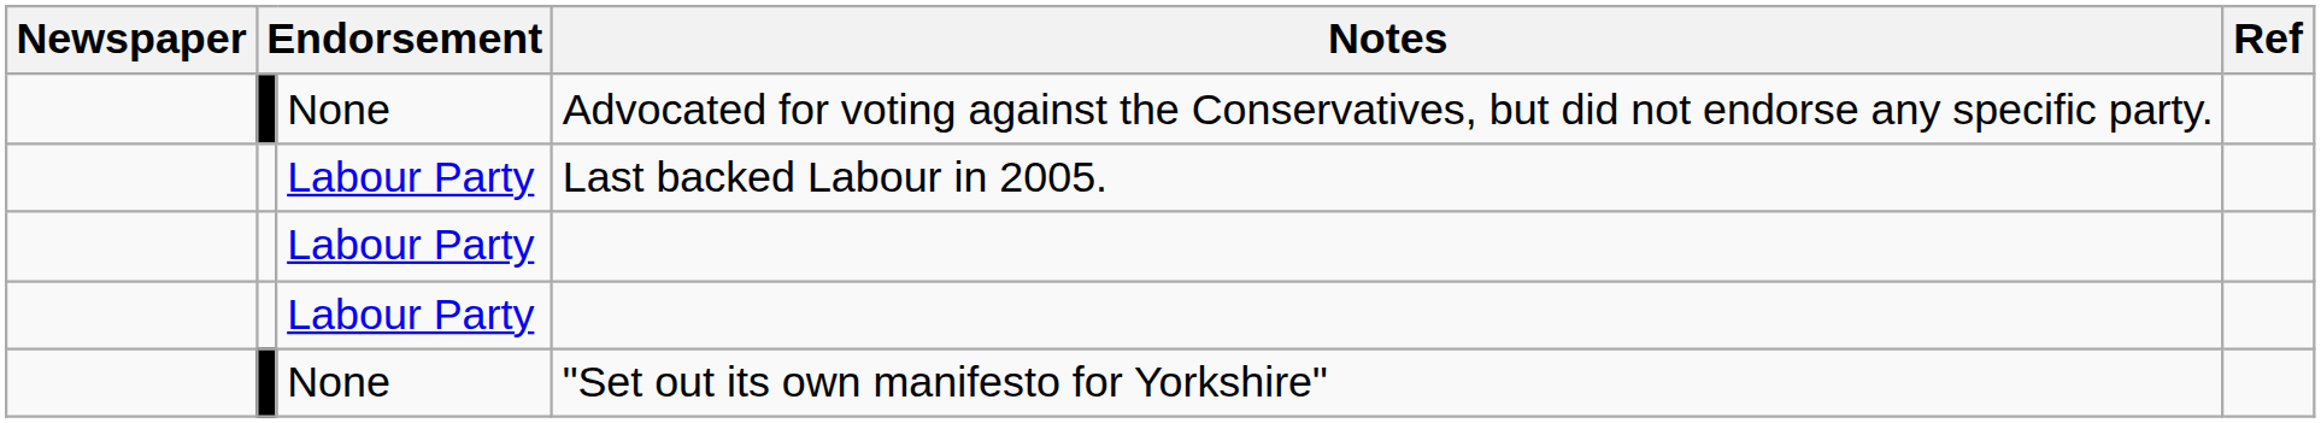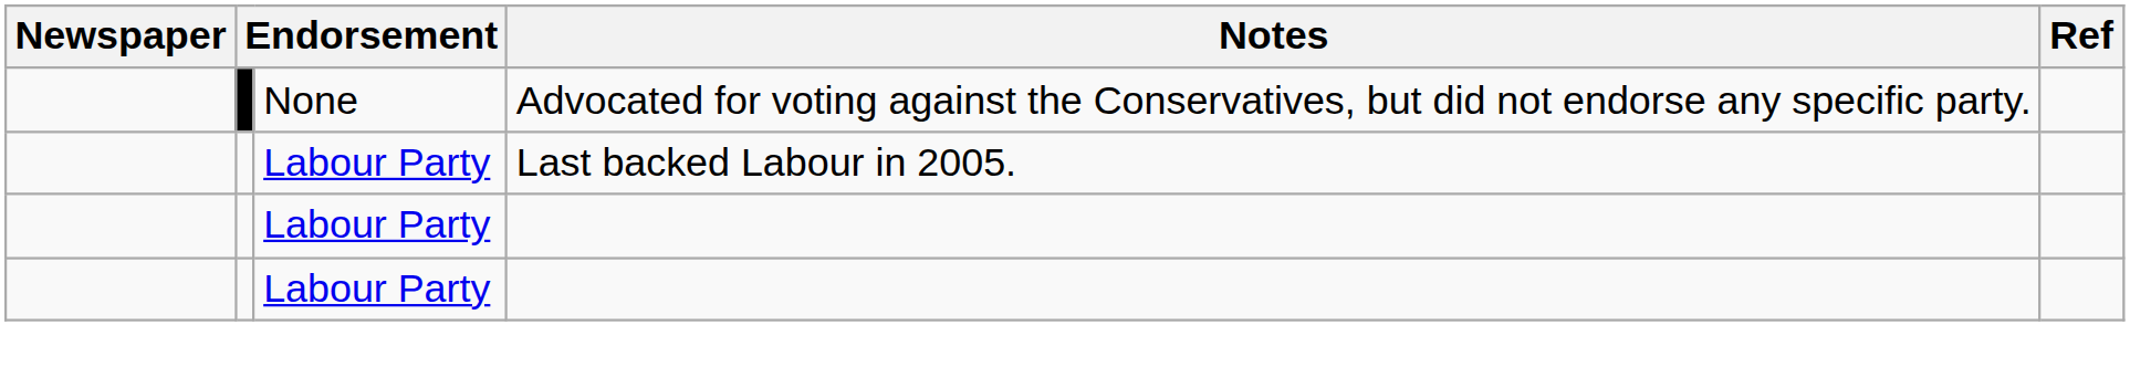 <table class="wikitable">
 <tr>
 <th>Newspaper</th>
 <th colspan="2">Endorsement</th>
 <th>Notes</th>
 <th>Ref</th>
 </tr>
 <tr>
 <td></td>
 <td style="background-color: black"></td>
 <td>None</td>
 <td>Advocated for voting against the Conservatives, but did not endorse any specific party.</td>
 <td></td>
 </tr>
 <tr>
 <td></td>
 <td style="background-color: "></td>
 <td><a href='#'>Labour Party</a></td>
 <td>Last backed Labour in 2005.</td>
 <td></td>
 </tr>
 <tr>
 <td></td>
 <td style="background-color: "></td>
 <td><a href='#'>Labour Party</a></td>
 <td></td>
 <td></td>
 </tr>
 <tr>
 <td></td>
 <td style="background-color: "></td>
 <td><a href='#'>Labour Party</a></td>
 <td></td>
 <td></td>
 </tr>
-<tr>
-<td></td>
-<td style="background-color: black"></td>
-<td>None</td>
-<td>"Set out its own manifesto for Yorkshire"</td>
-<td></td>
-</tr>
 </table>
